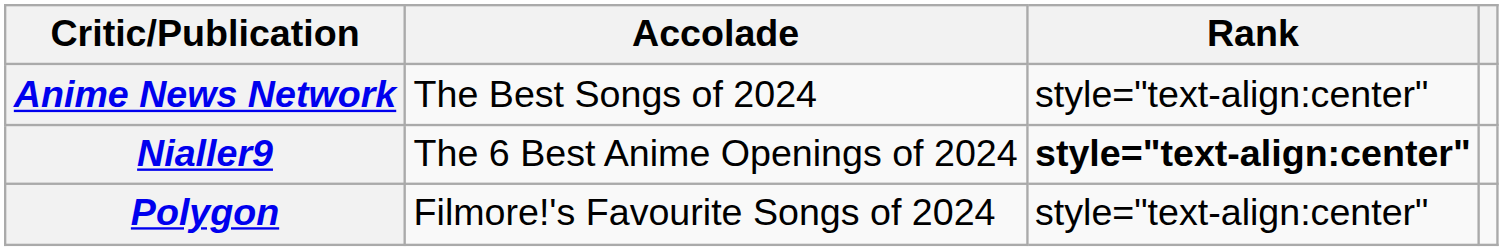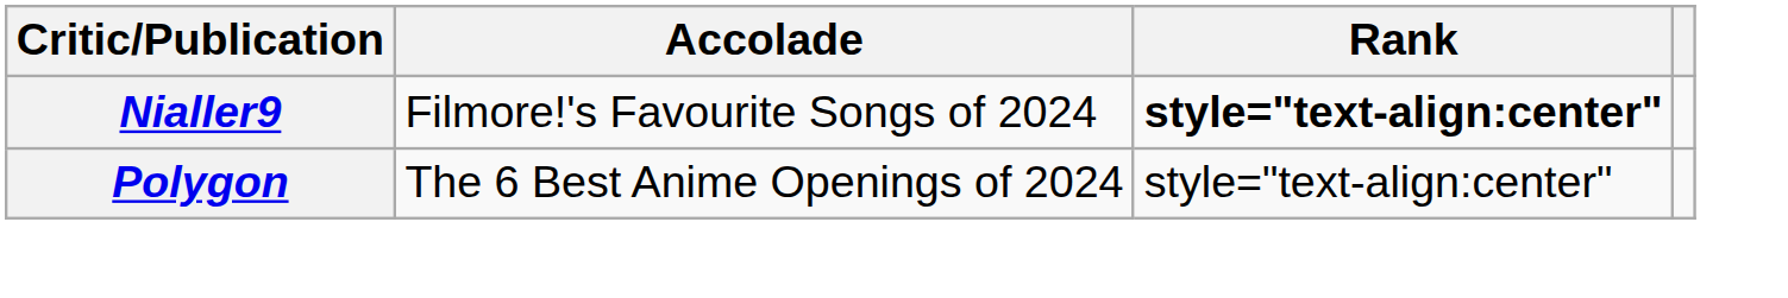 <table class="wikitable plainrowheaders">
 <tr>
 <th scope="col">Critic/Publication</th>
 <th scope="col">Accolade</th>
 <th scope="col">Rank</th>
 <th scope="col" class="unsortable"></th>
 </tr>
 <tr>
-<th scope="row"><em><a href='#'>Anime News Network</a></em></th>
-<td>The Best Songs of 2024</td>
-<td>style="text-align:center" </td>
-<td style="text-align:center"></td>
-</tr>
-<tr>
 <th scope="row"><em><a href='#'>Nialler9</a></em></th>
-<td>The 6 Best Anime Openings of 2024</td>
+<td>Filmore!'s Favourite Songs of 2024</td>
 <td><strong>style="text-align:center" </strong></td>
 <td style="text-align:center"></td>
 </tr>
 <tr>
 <th scope="row"><em><a href='#'>Polygon</a></em></th>
-<td>Filmore!'s Favourite Songs of 2024</td>
+<td>The 6 Best Anime Openings of 2024</td>
 <td>style="text-align:center" </td>
 <td style="text-align:center"></td>
 </tr>
 </table>
